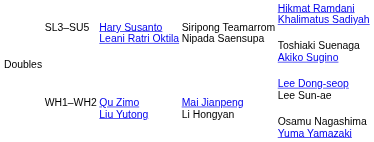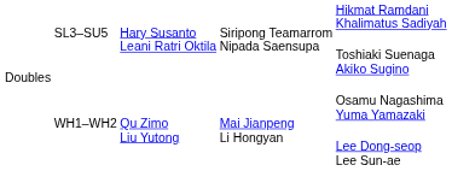 <table>
 <tr>
 <td rowspan=4>Doubles</td>
 <td rowspan=2>SL3–SU5</td>
 <td rowspan=2><br><a href='#'>Hary Susanto</a><br><a href='#'>Leani Ratri Oktila</a></td>
 <td rowspan=2><br>Siripong Teamarrom<br>Nipada Saensupa</td>
 <td nowrap><br><a href='#'>Hikmat Ramdani</a><br><a href='#'>Khalimatus Sadiyah</a></td>
 </tr>
 <tr>
 <td><br>Toshiaki Suenaga<br><a href='#'>Akiko Sugino</a></td>
 </tr>
 <tr>
 <td rowspan=2>WH1–WH2</td>
 <td rowspan=2><br><a href='#'>Qu Zimo</a><br><a href='#'>Liu Yutong</a></td>
 <td rowspan=2><br><a href='#'>Mai Jianpeng</a><br>Li Hongyan</td>
+<td><br>Osamu Nagashima<br><a href='#'>Yuma Yamazaki</a></td>
+</tr>
+<tr>
 <td><br><a href='#'>Lee Dong-seop</a><br>Lee Sun-ae</td>
 </tr>
-<tr>
-<td><br>Osamu Nagashima<br><a href='#'>Yuma Yamazaki</a></td>
-</tr>
 </table>
